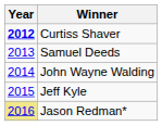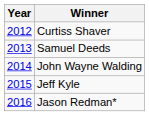 <table class="wikitable">
 <tr>
 <th><strong>Year</strong></th>
 <th><strong>Winner</strong></th>
 </tr>
 <tr>
-<td><strong><a href='#'>2012</a></strong></td>
+<td><a href='#'>2012</a></td>
 <td>Curtiss Shaver</td>
 </tr>
 <tr>
 <td><a href='#'>2013</a></td>
 <td>Samuel Deeds</td>
 </tr>
 <tr>
 <td><a href='#'>2014</a></td>
 <td>John Wayne Walding</td>
 </tr>
 <tr>
 <td><a href='#'>2015</a></td>
 <td>Jeff Kyle</td>
 </tr>
 <tr>
-<td style="background: khaki;"><a href='#'>2016</a></td>
+<td><a href='#'>2016</a></td>
 <td>Jason Redman*</td>
 </tr>
 </table>
